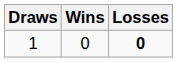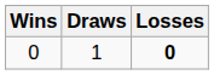 <table class="wikitable">
 <tr>
+<th>Wins</th>
 <th>Draws</th>
-<th>Wins</th>
 <th>Losses</th>
 </tr>
 <tr>
+<td align=center>0</td>
 <td align=center>1</td>
-<td align=center>0</td>
 <td align=center><strong>0</strong></td>
 </tr>
 </table>
